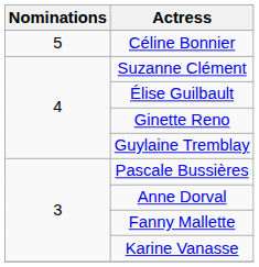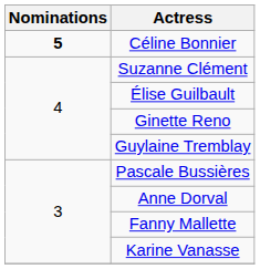 <table class="wikitable" style="text-align:center;">
 <tr>
 <th scope="col" width="9">Nominations</th>
 <th scope="col" align="center">Actress</th>
 </tr>
 <tr>
-<td rowspan="1" style="text-align:center;">5</td>
+<td rowspan="1" style="text-align:center;"><strong>5</strong></td>
 <td><a href='#'>Céline Bonnier</a></td>
 </tr>
 <tr>
 <td rowspan="4" style="text-align:center;">4</td>
 <td><a href='#'>Suzanne Clément</a></td>
 </tr>
 <tr>
 <td><a href='#'>Élise Guilbault</a></td>
 </tr>
 <tr>
 <td><a href='#'>Ginette Reno</a></td>
 </tr>
 <tr>
 <td><a href='#'>Guylaine Tremblay</a></td>
 </tr>
 <tr>
 <td rowspan="4" style="text-align:center;">3</td>
 <td><a href='#'>Pascale Bussières</a></td>
 </tr>
 <tr>
 <td><a href='#'>Anne Dorval</a></td>
 </tr>
 <tr>
 <td><a href='#'>Fanny Mallette</a></td>
 </tr>
 <tr>
 <td><a href='#'>Karine Vanasse</a></td>
 </tr>
 <tr>
 </tr>
 </table>
